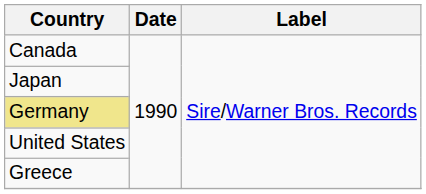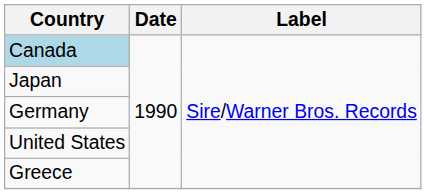 <table class="wikitable">
 <tr>
 <th>Country</th>
 <th>Date</th>
 <th>Label</th>
 </tr>
 <tr>
-<td>Canada</td>
+<td style="background: lightblue;">Canada</td>
 <td rowspan="5">1990</td>
 <td rowspan="5"><a href='#'>Sire</a>/<a href='#'>Warner Bros. Records</a></td>
 </tr>
 <tr>
 <td>Japan</td>
 </tr>
 <tr>
-<td style="background: khaki;">Germany</td>
+<td>Germany</td>
 </tr>
 <tr>
 <td>United States</td>
 </tr>
 <tr>
 <td>Greece</td>
 </tr>
 <tr>
 </tr>
 </table>
